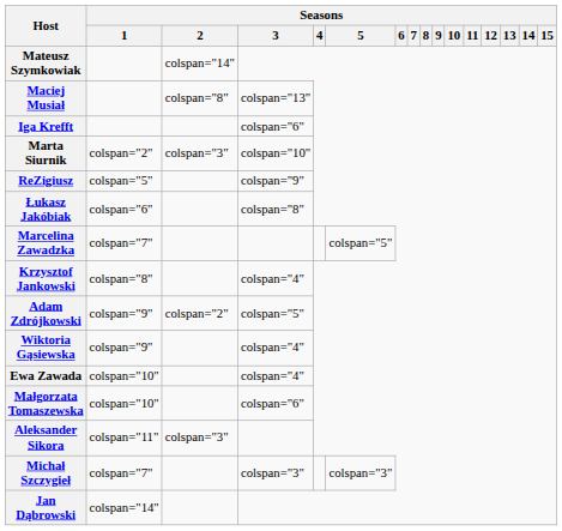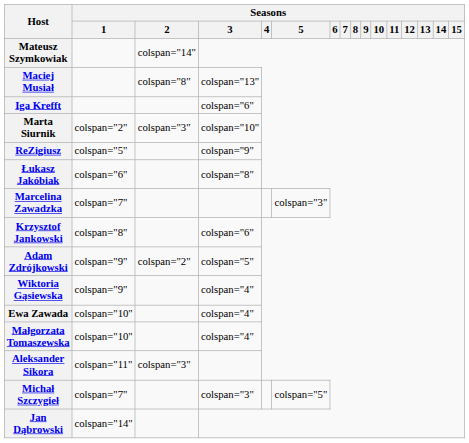 <table class="wikitable">
 <tr>
 <th rowspan="2">Host</th>
 <th colspan="15">Seasons</th>
 </tr>
 <tr>
 <th width="40">1</th>
 <th width="40">2</th>
 <th width="40">3</th>
 <th width="40">4</th>
 <th width="40">5</th>
 <th width="40">6</th>
 <th width="40">7</th>
 <th width="40">8</th>
 <th width="40">9</th>
 <th width="40">10</th>
 <th width="40">11</th>
 <th width="40">12</th>
 <th width="40">13</th>
 <th width="40">14</th>
 <th width="40">15</th>
 </tr>
 <tr>
 <th scope="row">Mateusz Szymkowiak</th>
 <td></td>
 <td>colspan="14" </td>
 </tr>
 <tr>
 <th scope="row"><a href='#'>Maciej Musiał</a></th>
 <td></td>
 <td>colspan="8" </td>
 <td>colspan="13" </td>
 </tr>
 <tr>
 <th scope="row"><a href='#'>Iga Krefft</a></th>
 <td></td>
 <td></td>
 <td>colspan="6" </td>
 </tr>
 <tr>
 <th scope="row">Marta Siurnik</th>
 <td>colspan="2" </td>
 <td>colspan="3" </td>
 <td>colspan="10" </td>
 </tr>
 <tr>
 <th scope="row"><a href='#'>ReZigiusz</a></th>
 <td>colspan="5" </td>
 <td></td>
 <td>colspan="9" </td>
 </tr>
 <tr>
 <th scope="row"><a href='#'>Łukasz Jakóbiak</a></th>
 <td>colspan="6" </td>
 <td></td>
 <td>colspan="8" </td>
 </tr>
 <tr>
 <th scope="row"><a href='#'>Marcelina Zawadzka</a></th>
 <td>colspan="7" </td>
 <td></td>
 <td></td>
 <td></td>
-<td>colspan="5" </td>
+<td>colspan="3" </td>
 </tr>
 <tr>
 <th scope="row"><a href='#'>Krzysztof Jankowski</a></th>
 <td>colspan="8" </td>
 <td></td>
-<td>colspan="4" </td>
+<td>colspan="6" </td>
 </tr>
 <tr>
 <th scope="row"><a href='#'>Adam Zdrójkowski</a></th>
 <td>colspan="9" </td>
 <td>colspan="2" </td>
 <td>colspan="5" </td>
 </tr>
 <tr>
 <th scope="row"><a href='#'>Wiktoria Gąsiewska</a></th>
 <td>colspan="9" </td>
 <td></td>
 <td>colspan="4" </td>
 </tr>
 <tr>
 <th scope="row">Ewa Zawada</th>
 <td>colspan="10" </td>
 <td></td>
 <td>colspan="4" </td>
 </tr>
 <tr>
 <th scope="row"><a href='#'>Małgorzata Tomaszewska</a></th>
 <td>colspan="10" </td>
 <td></td>
-<td>colspan="6" </td>
+<td>colspan="4" </td>
 </tr>
 <tr>
 <th scope="row"><a href='#'>Aleksander Sikora</a></th>
 <td>colspan="11" </td>
 <td>colspan="3" </td>
 <td></td>
 </tr>
 <tr>
 <th scope="row"><a href='#'>Michał Szczygieł</a></th>
 <td>colspan="7" </td>
 <td></td>
 <td>colspan="3" </td>
 <td></td>
-<td>colspan="3" </td>
+<td>colspan="5" </td>
 </tr>
 <tr>
 <th scope="row"><a href='#'>Jan Dąbrowski</a></th>
 <td>colspan="14" </td>
 <td></td>
 </tr>
 </table>
